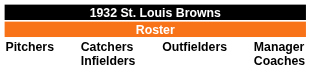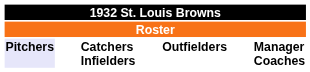 <table class="toccolours" style="font-size: 95%;">
 <tr>
 <th colspan="10" style="background-color: black; color: white; text-align: center;">1932 St. Louis Browns</th>
 </tr>
 <tr>
 <td colspan="10" style="background-color: #F87217; color: white; text-align: center;"><strong>Roster</strong></td>
 </tr>
 <tr>
-<td valign="top"><strong>Pitchers</strong><br>         </td>
+<td valign="top" style="background: lavender;"><strong>Pitchers</strong><br>         </td>
 <td width="25px"></td>
 <td valign="top"><strong>Catchers</strong><br>   <strong>Infielders</strong>        </td>
 <td width="25px"></td>
 <td valign="top"><strong>Outfielders</strong><br>       </td>
 <td width="25px"></td>
 <td valign="top"><strong>Manager</strong><br> <strong>Coaches</strong>  </td>
 </tr>
 </table>
